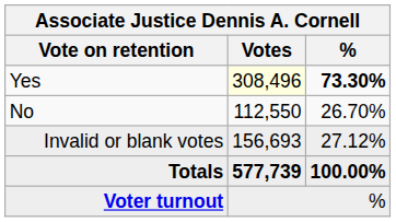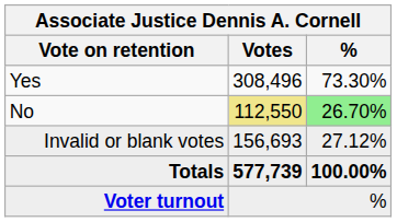 <table class="wikitable" style="font-size: 95%;">
 <tr style="background-color:#E9E9E9">
 <th colspan=7>Associate Justice Dennis A. Cornell</th>
 </tr>
 <tr style="background-color:#E9E9E9">
 <th style="width: 170px">Vote on retention</th>
 <th style="width: 50px">Votes</th>
 <th style="width: 40px">%</th>
 </tr>
 <tr>
 <td>Yes</td>
-<td align="right" style="background: lightyellow;">308,496</td>
-<td align="right"><strong>73.30%</strong></td>
+<td align="right">308,496</td>
+<td align="right">73.30%</td>
 </tr>
 <tr>
 <td>No</td>
-<td align="right">112,550</td>
-<td align="right">26.70%</td>
+<td align="right" style="background: khaki;">112,550</td>
+<td align="right" style="background: lightgreen;">26.70%</td>
 </tr>
 <tr bgcolor="#EEEEEE">
 <td align="right">Invalid or blank votes</td>
 <td align="right">156,693</td>
 <td align="right">27.12%</td>
 </tr>
 <tr bgcolor="#EEEEEE">
 <td align="right"><strong>Totals</strong></td>
 <td align="right"><strong>577,739</strong></td>
 <td align="right"><strong>100.00%</strong></td>
 </tr>
 <tr bgcolor="#EEEEEE">
 <td align="right"><strong><a href='#'>Voter turnout</a></strong></td>
 <td colspan="2" align="right">%</td>
 </tr>
 </table>
